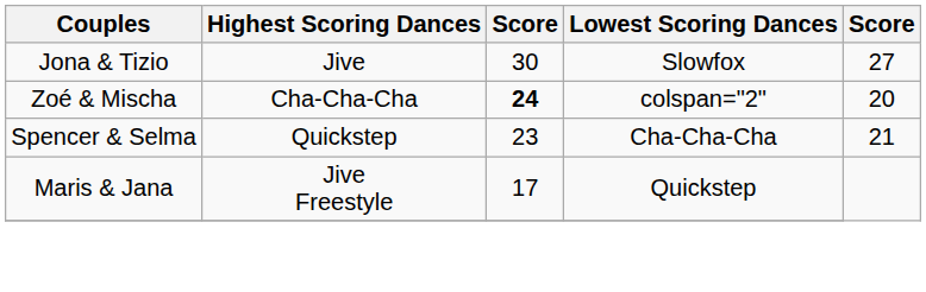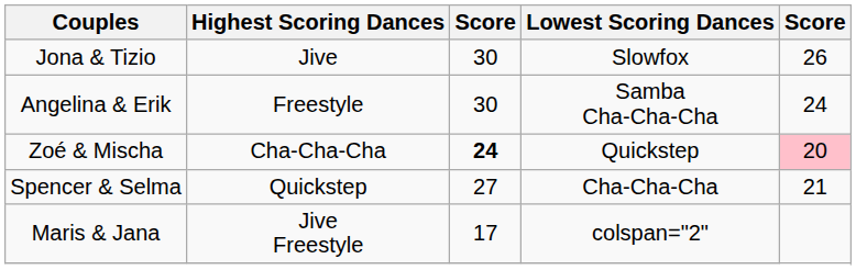 <table class="wikitable sortable" style="text-align:center;">
 <tr>
 <th>Couples</th>
 <th>Highest Scoring Dances</th>
 <th>Score</th>
 <th>Lowest Scoring Dances</th>
 <th>Score</th>
 </tr>
 <tr>
 <td>Jona & Tizio</td>
 <td>Jive</td>
 <td>30</td>
 <td>Slowfox</td>
-<td>27</td>
+<td>26</td>
+</tr>
+<tr>
+<td>Angelina & Erik</td>
+<td>Freestyle</td>
+<td>30</td>
+<td>Samba<br>Cha-Cha-Cha</td>
+<td>24</td>
 </tr>
 <tr>
 <td>Zoé & Mischa</td>
 <td>Cha-Cha-Cha</td>
 <td><strong>24</strong></td>
-<td>colspan="2" </td>
-<td>20</td>
+<td>Quickstep</td>
+<td style="background: pink;">20</td>
 </tr>
 <tr>
 <td>Spencer & Selma</td>
 <td>Quickstep</td>
-<td>23</td>
+<td>27</td>
 <td>Cha-Cha-Cha</td>
 <td>21</td>
 </tr>
 <tr>
 <td>Maris & Jana</td>
 <td>Jive<br>Freestyle</td>
 <td>17</td>
-<td>Quickstep</td>
+<td>colspan="2" </td>
 </tr>
 <tr>
 </tr>
 </table>
